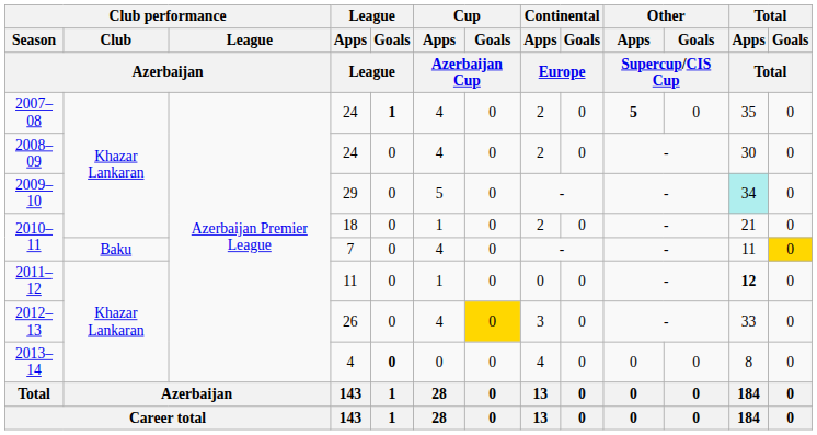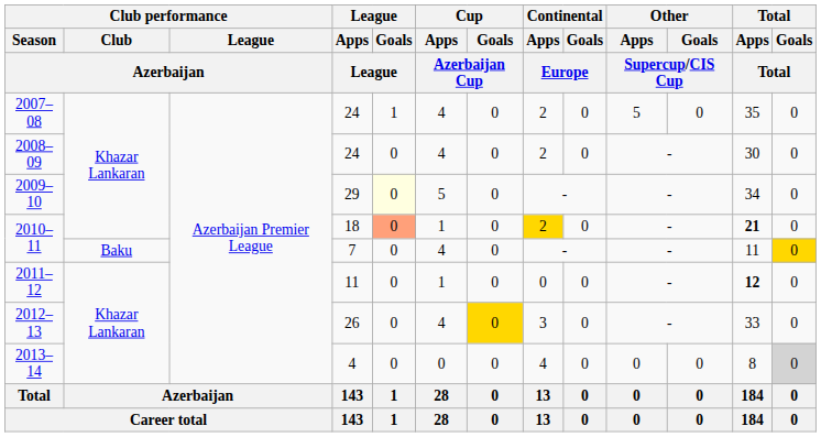 <table class="wikitable" style="text-align:center">
 <tr>
 <th colspan=3>Club performance</th>
 <th colspan=2>League</th>
 <th colspan=2>Cup</th>
 <th colspan=2>Continental</th>
 <th colspan=2>Other</th>
 <th colspan=2>Total</th>
 </tr>
 <tr>
 <th>Season</th>
 <th>Club</th>
 <th>League</th>
 <th>Apps</th>
 <th>Goals</th>
 <th>Apps</th>
 <th>Goals</th>
 <th>Apps</th>
 <th>Goals</th>
 <th>Apps</th>
 <th>Goals</th>
 <th>Apps</th>
 <th>Goals</th>
 </tr>
 <tr>
 <th colspan=3>Azerbaijan</th>
 <th colspan=2>League</th>
 <th colspan=2><a href='#'>Azerbaijan Cup</a></th>
 <th colspan=2><a href='#'>Europe</a></th>
 <th colspan=2><a href='#'>Supercup</a>/<a href='#'>CIS Cup</a></th>
 <th colspan=2>Total</th>
 </tr>
 <tr>
 <td><a href='#'>2007–08</a></td>
 <td rowspan="4"><a href='#'>Khazar Lankaran</a></td>
 <td rowspan="8"><a href='#'>Azerbaijan Premier League</a></td>
 <td>24</td>
-<td><strong>1</strong></td>
+<td>1</td>
 <td>4</td>
 <td>0</td>
 <td>2</td>
 <td>0</td>
-<td><strong>5</strong></td>
+<td>5</td>
 <td>0</td>
 <td>35</td>
 <td>0</td>
 </tr>
 <tr>
 <td><a href='#'>2008–09</a></td>
 <td>24</td>
 <td>0</td>
 <td>4</td>
 <td>0</td>
 <td>2</td>
 <td>0</td>
 <td colspan="2">-</td>
 <td>30</td>
 <td>0</td>
 </tr>
 <tr>
 <td><a href='#'>2009–10</a></td>
 <td>29</td>
-<td>0</td>
+<td style="background: lightyellow;">0</td>
 <td>5</td>
 <td>0</td>
 <td colspan="2">-</td>
 <td colspan="2">-</td>
-<td style="background: paleturquoise;">34</td>
+<td>34</td>
 <td>0</td>
 </tr>
 <tr>
 <td rowspan="2"><a href='#'>2010–11</a></td>
 <td>18</td>
-<td>0</td>
+<td style="background: lightsalmon;">0</td>
 <td>1</td>
 <td>0</td>
-<td>2</td>
+<td style="background: gold;">2</td>
 <td>0</td>
 <td colspan="2">-</td>
-<td>21</td>
+<td><strong>21</strong></td>
 <td>0</td>
 </tr>
 <tr>
 <td><a href='#'>Baku</a></td>
 <td>7</td>
 <td>0</td>
 <td>4</td>
 <td>0</td>
 <td colspan="2">-</td>
 <td colspan="2">-</td>
 <td>11</td>
 <td style="background: gold;">0</td>
 </tr>
 <tr>
 <td><a href='#'>2011–12</a></td>
 <td rowspan="3"><a href='#'>Khazar Lankaran</a></td>
 <td>11</td>
 <td>0</td>
 <td>1</td>
 <td>0</td>
 <td>0</td>
 <td>0</td>
 <td colspan="2">-</td>
 <td><strong>12</strong></td>
 <td>0</td>
 </tr>
 <tr>
 <td><a href='#'>2012–13</a></td>
 <td>26</td>
 <td>0</td>
 <td>4</td>
 <td style="background: gold;">0</td>
 <td>3</td>
 <td>0</td>
 <td colspan="2">-</td>
 <td>33</td>
 <td>0</td>
 </tr>
 <tr>
 <td><a href='#'>2013–14</a></td>
 <td>4</td>
-<td><strong>0</strong></td>
+<td>0</td>
 <td>0</td>
 <td>0</td>
 <td>4</td>
 <td>0</td>
 <td>0</td>
 <td>0</td>
 <td>8</td>
-<td>0</td>
+<td style="background: lightgrey;">0</td>
 </tr>
 <tr>
 <th rowspan=1>Total</th>
 <th colspan=2>Azerbaijan</th>
 <th>143</th>
 <th>1</th>
 <th>28</th>
 <th>0</th>
 <th>13</th>
 <th>0</th>
 <th>0</th>
 <th>0</th>
 <th>184</th>
 <th>0</th>
 </tr>
 <tr>
 <th colspan=3>Career total</th>
 <th>143</th>
 <th>1</th>
 <th>28</th>
 <th>0</th>
 <th>13</th>
 <th>0</th>
 <th>0</th>
 <th>0</th>
 <th>184</th>
 <th>0</th>
 </tr>
 </table>
